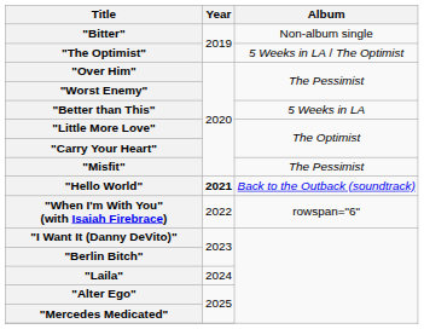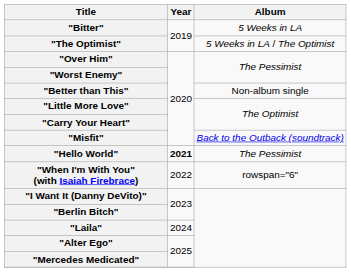 <table class="wikitable plainrowheaders" style="text-align:center;">
 <tr>
 <th scope="col" rowspan="1" style="width:16em;">Title</th>
 <th scope="col" rowspan="1">Year</th>
 <th scope="col" rowspan="1">Album</th>
 </tr>
 <tr>
 <th scope="row">"Bitter"</th>
 <td rowspan="2">2019</td>
-<td>Non-album single</td>
+<td><em>5 Weeks in LA</em></td>
 </tr>
 <tr>
 <th scope="row">"The Optimist"</th>
 <td><em>5 Weeks in LA</em> / <em>The Optimist</em></td>
 </tr>
 <tr>
 <th scope="row">"Over Him"</th>
 <td rowspan="6">2020</td>
 <td rowspan="2"><em>The Pessimist</em></td>
 </tr>
 <tr>
 <th scope="row">"Worst Enemy"</th>
 </tr>
 <tr>
 <th scope="row">"Better than This"</th>
-<td><em>5 Weeks in LA</em></td>
+<td>Non-album single</td>
 </tr>
 <tr>
 <th scope="row">"Little More Love"</th>
 <td rowspan="2"><em>The Optimist</em></td>
 </tr>
 <tr>
 <th scope="row">"Carry Your Heart"</th>
 </tr>
 <tr>
 <th scope="row">"Misfit"</th>
-<td><em>The Pessimist</em></td>
+<td><em><a href='#'>Back to the Outback (soundtrack)</a></em></td>
 </tr>
 <tr>
 <th scope="row">"Hello World"</th>
 <td><strong>2021</strong></td>
-<td><em><a href='#'>Back to the Outback (soundtrack)</a></em></td>
+<td><em>The Pessimist</em></td>
 </tr>
 <tr>
 <th scope="row">"When I'm With You" <br>(with <a href='#'>Isaiah Firebrace</a>)</th>
 <td>2022</td>
 <td>rowspan="6" </td>
 </tr>
 <tr>
 <th scope="row">"I Want It (Danny DeVito)"</th>
 <td rowspan="2">2023</td>
 </tr>
 <tr>
 <th scope="row">"Berlin Bitch"</th>
 </tr>
 <tr>
 <th scope="row">"Laila"</th>
 <td>2024</td>
 </tr>
 <tr>
 <th scope="row">"Alter Ego"</th>
 <td rowspan="2">2025</td>
 </tr>
 <tr>
 <th scope="row">"Mercedes Medicated"</th>
 </tr>
 <tr>
 </tr>
 </table>
